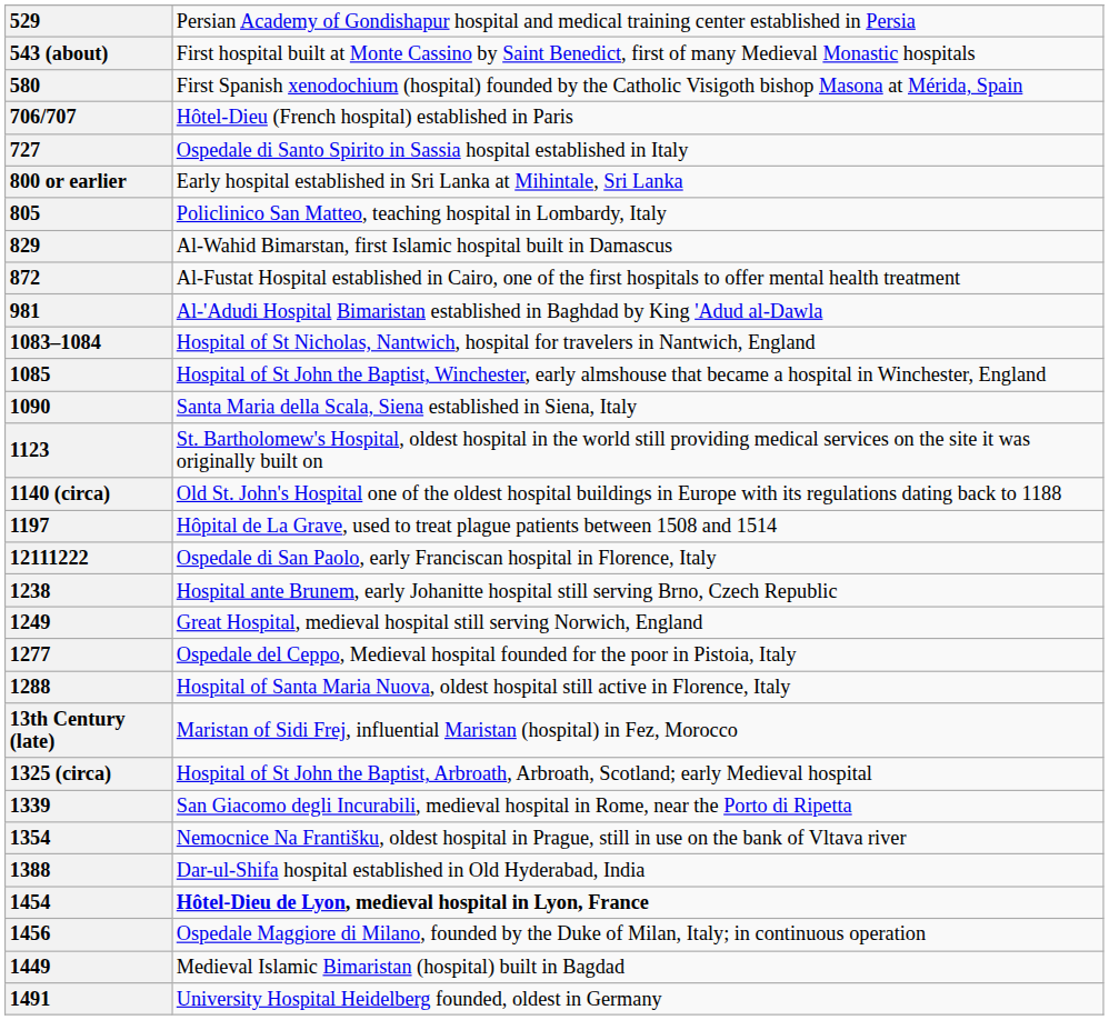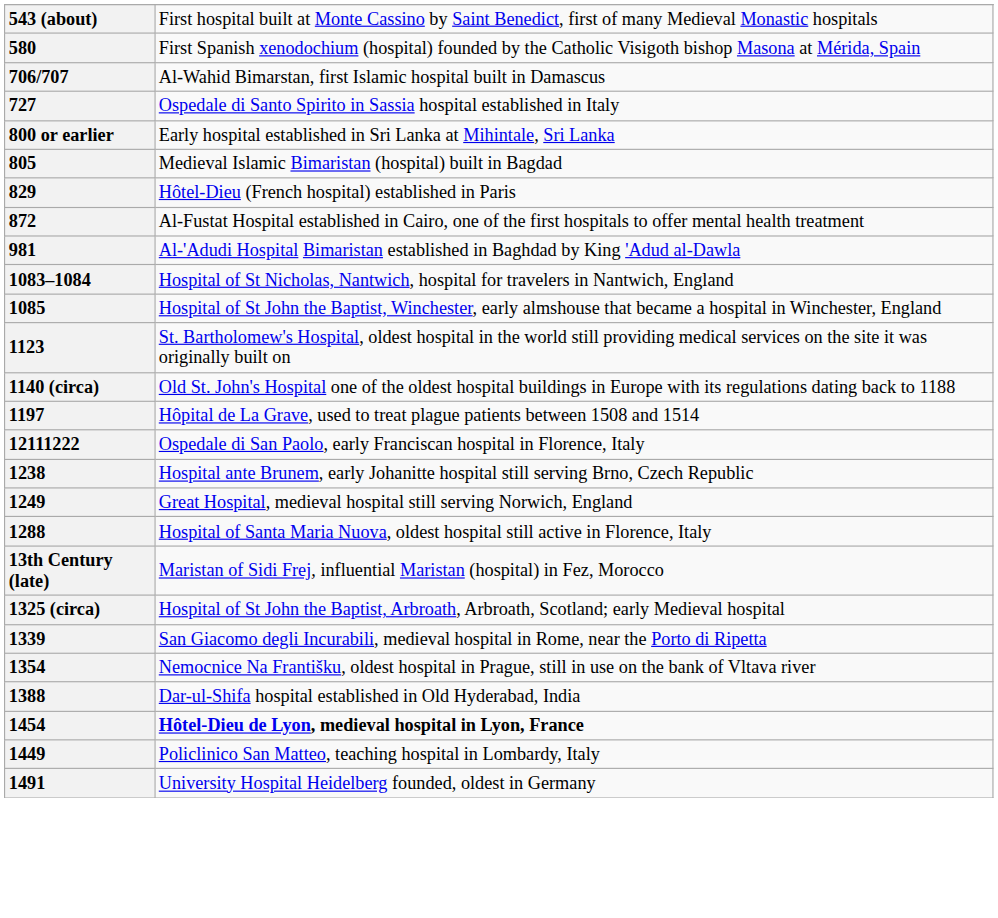 <table class="wikitable sortable plainrowheaders" summary="Notable hospitals established between 500 and 1500 AD">
 <tr>
-</tr>
-<tr>
-<th scope="row" style="text-align: left">529</th>
-<td>Persian <a href='#'>Academy of Gondishapur</a> hospital and medical training center established in <a href='#'>Persia</a></td>
 </tr>
 <tr>
 <th scope="row" style="text-align: left">543 (about)</th>
 <td>First hospital built at <a href='#'>Monte Cassino</a> by <a href='#'>Saint Benedict</a>, first of many Medieval <a href='#'>Monastic</a> hospitals</td>
 </tr>
 <tr>
 <th scope="row" style="text-align: left">580</th>
 <td>First Spanish <a href='#'>xenodochium</a> (hospital) founded by the Catholic Visigoth bishop <a href='#'>Masona</a> at <a href='#'>Mérida, Spain</a></td>
 </tr>
 <tr>
 <th scope="row" style="text-align: left">706/707</th>
-<td><a href='#'>Hôtel-Dieu</a> (French hospital) established in  Paris</td>
+<td>Al-Wahid Bimarstan, first Islamic hospital built in Damascus</td>
 </tr>
 <tr>
 <th scope="row" style="text-align: left">727</th>
 <td><a href='#'>Ospedale di Santo Spirito in Sassia</a> hospital established in Italy</td>
 </tr>
 <tr>
 <th scope="row" style="text-align: left">800 or earlier</th>
 <td>Early hospital established in Sri Lanka at <a href='#'>Mihintale</a>, <a href='#'>Sri Lanka</a></td>
 </tr>
 <tr>
 <th scope="row" style="text-align: left">805</th>
-<td><a href='#'>Policlinico San Matteo</a>, teaching hospital in Lombardy, Italy</td>
+<td>Medieval Islamic <a href='#'>Bimaristan</a> (hospital) built in Bagdad</td>
 </tr>
 <tr>
 <th scope="row" style="text-align: left">829</th>
-<td>Al-Wahid Bimarstan, first Islamic hospital built in Damascus</td>
+<td><a href='#'>Hôtel-Dieu</a> (French hospital) established in  Paris</td>
 </tr>
 <tr>
 <th scope="row" style="text-align: left">872</th>
 <td>Al-Fustat Hospital established in Cairo, one of the first hospitals to offer mental health treatment</td>
 </tr>
 <tr>
 <th scope="row" style="text-align: left">981</th>
 <td><a href='#'>Al-'Adudi Hospital</a> <a href='#'>Bimaristan</a> established in Baghdad by King <a href='#'>'Adud al-Dawla</a></td>
 </tr>
 <tr>
 <th scope="row" style="text-align: left">1083–1084</th>
 <td><a href='#'>Hospital of St Nicholas, Nantwich</a>, hospital for travelers in  Nantwich, England</td>
 </tr>
 <tr>
 <th scope="row" style="text-align: left">1085</th>
 <td><a href='#'>Hospital of St John the Baptist, Winchester</a>, early almshouse that became a hospital in Winchester, England</td>
-</tr>
-<tr>
-<th scope="row" style="text-align: left">1090</th>
-<td><a href='#'>Santa Maria della Scala, Siena</a> established in Siena, Italy</td>
 </tr>
 <tr>
 <th scope="row" style="text-align: left">1123</th>
 <td><a href='#'>St. Bartholomew's Hospital</a>, oldest hospital in the world still providing medical services on the site it was originally built on</td>
 </tr>
 <tr>
 <th scope="row" style="text-align: left">1140 (circa)</th>
 <td><a href='#'>Old St. John's Hospital</a> one of the oldest hospital buildings in Europe with its regulations dating back to 1188</td>
 </tr>
 <tr>
 <th scope="row" style="text-align: left">1197</th>
 <td><a href='#'>Hôpital de La Grave</a>, used to treat plague patients between 1508 and 1514</td>
 </tr>
 <tr>
 <th scope="row" style="text-align: left">12111222</th>
 <td><a href='#'>Ospedale di San Paolo</a>, early Franciscan hospital in Florence, Italy</td>
 </tr>
 <tr>
 <th scope="row" style="text-align: left">1238</th>
 <td><a href='#'>Hospital ante Brunem</a>, early Johanitte hospital still serving Brno, Czech Republic</td>
 </tr>
 <tr>
 <th scope="row" style="text-align: left">1249</th>
 <td><a href='#'>Great Hospital</a>, medieval hospital still serving Norwich, England</td>
-</tr>
-<tr>
-<th scope="row" style="text-align: left">1277</th>
-<td><a href='#'>Ospedale del Ceppo</a>, Medieval hospital founded for the poor in Pistoia, Italy</td>
 </tr>
 <tr>
 <th scope="row" style="text-align: left">1288</th>
 <td><a href='#'>Hospital of Santa Maria Nuova</a>, oldest hospital still active in Florence, Italy</td>
 </tr>
 <tr>
 <th scope="row" style="text-align: left">13th Century (late)</th>
 <td><a href='#'>Maristan of Sidi Frej</a>, influential <a href='#'>Maristan</a> (hospital) in Fez, Morocco</td>
 </tr>
 <tr>
 <th scope="row" style="text-align: left">1325 (circa)</th>
 <td><a href='#'>Hospital of St John the Baptist, Arbroath</a>, Arbroath, Scotland; early Medieval hospital</td>
 </tr>
 <tr>
 <th scope="row" style="text-align: left">1339</th>
 <td><a href='#'>San Giacomo degli Incurabili</a>, medieval hospital in Rome, near the <a href='#'>Porto di Ripetta</a></td>
 </tr>
 <tr>
 <th scope="row" style="text-align: left">1354</th>
 <td><a href='#'>Nemocnice Na Františku</a>, oldest hospital in Prague, still in use on the bank of Vltava river</td>
 </tr>
 <tr>
 <th scope="row" style="text-align: left">1388</th>
 <td><a href='#'>Dar-ul-Shifa</a> hospital established in Old Hyderabad, India</td>
 </tr>
 <tr>
 <th scope="row" style="text-align: left">1454</th>
 <td><strong><a href='#'>Hôtel-Dieu de Lyon</a>, medieval hospital in Lyon, France</strong></td>
 </tr>
 <tr>
-<th scope="row" style="text-align: left">1456</th>
-<td><a href='#'>Ospedale Maggiore di Milano</a>, founded by the Duke of Milan, Italy; in continuous operation</td>
-</tr>
-<tr>
 <th scope="row" style="text-align: left">1449</th>
-<td>Medieval Islamic <a href='#'>Bimaristan</a> (hospital) built in Bagdad</td>
+<td><a href='#'>Policlinico San Matteo</a>, teaching hospital in Lombardy, Italy</td>
 </tr>
 <tr>
 <th scope="row" style="text-align: left">1491</th>
 <td><a href='#'>University Hospital Heidelberg</a> founded, oldest in Germany</td>
 </tr>
 </table>
